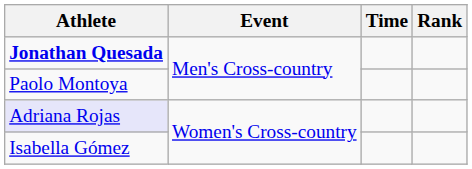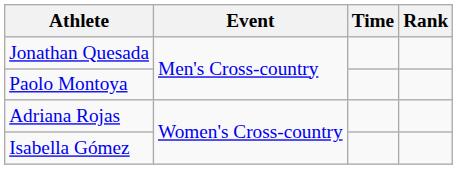 <table class=wikitable style="font-size:90%">
 <tr>
 <th>Athlete</th>
 <th>Event</th>
 <th>Time</th>
 <th>Rank</th>
 </tr>
 <tr>
-<td><strong><a href='#'>Jonathan Quesada</a></strong></td>
+<td><a href='#'>Jonathan Quesada</a></td>
 <td rowspan=2><a href='#'>Men's Cross-country</a></td>
 <td></td>
 <td></td>
 </tr>
 <tr>
 <td><a href='#'>Paolo Montoya</a></td>
 <td></td>
 <td></td>
 </tr>
 <tr>
-<td style="background: lavender;"><a href='#'>Adriana Rojas</a></td>
+<td><a href='#'>Adriana Rojas</a></td>
 <td rowspan=2><a href='#'>Women's Cross-country</a></td>
 <td></td>
 <td></td>
 </tr>
 <tr>
 <td><a href='#'>Isabella Gómez</a></td>
 <td></td>
 <td></td>
 </tr>
 </table>
